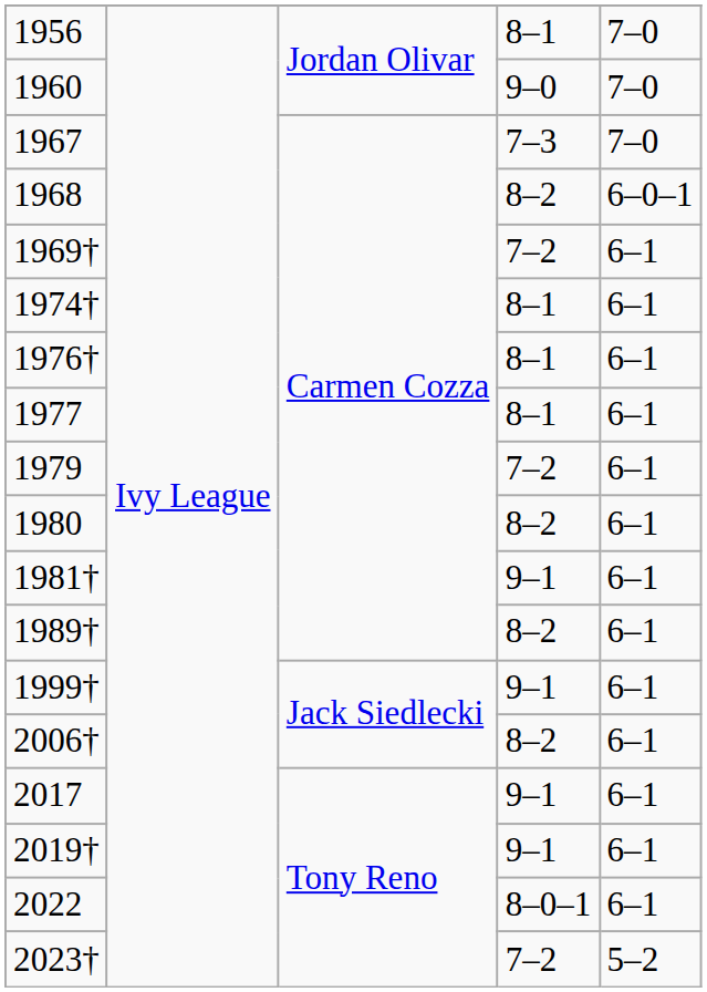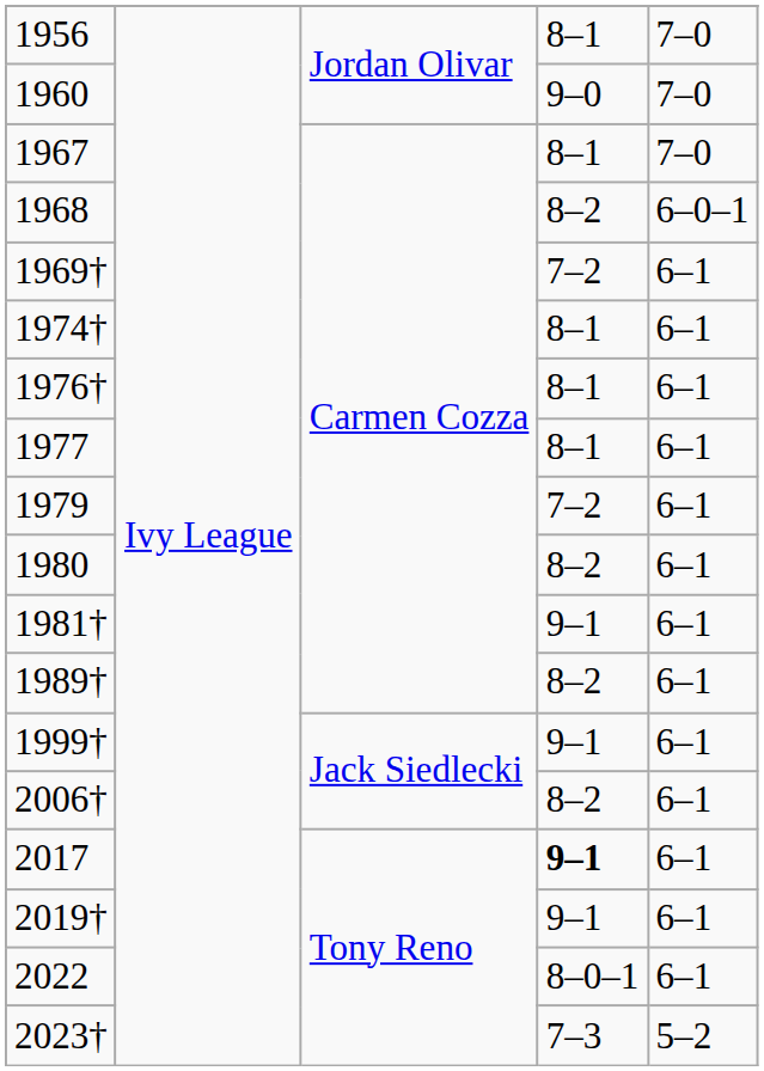 <table class="wikitable">
 <tr>
 </tr>
 <tr>
 <td>1956</td>
 <td rowspan="18”"><a href='#'>Ivy League</a></td>
 <td rowspan="2"><a href='#'>Jordan Olivar</a></td>
 <td>8–1</td>
 <td>7–0</td>
 </tr>
 <tr>
 <td>1960</td>
 <td>9–0</td>
 <td>7–0</td>
 </tr>
 <tr>
 <td>1967</td>
 <td rowspan="10"><a href='#'>Carmen Cozza</a></td>
-<td>7–3</td>
+<td>8–1</td>
 <td>7–0</td>
 </tr>
 <tr>
 <td>1968</td>
 <td>8–2</td>
 <td>6–0–1</td>
 </tr>
 <tr>
 <td>1969†</td>
 <td>7–2</td>
 <td>6–1</td>
 </tr>
 <tr>
 <td>1974†</td>
 <td>8–1</td>
 <td>6–1</td>
 </tr>
 <tr>
 <td>1976†</td>
 <td>8–1</td>
 <td>6–1</td>
 </tr>
 <tr>
 <td>1977</td>
 <td>8–1</td>
 <td>6–1</td>
 </tr>
 <tr>
 <td>1979</td>
 <td>7–2</td>
 <td>6–1</td>
 </tr>
 <tr>
 <td>1980</td>
 <td>8–2</td>
 <td>6–1</td>
 </tr>
 <tr>
 <td>1981†</td>
 <td>9–1</td>
 <td>6–1</td>
 </tr>
 <tr>
 <td>1989†</td>
 <td>8–2</td>
 <td>6–1</td>
 </tr>
 <tr>
 <td>1999†</td>
 <td rowspan="2"><a href='#'>Jack Siedlecki</a></td>
 <td>9–1</td>
 <td>6–1</td>
 </tr>
 <tr>
 <td>2006†</td>
 <td>8–2</td>
 <td>6–1</td>
 </tr>
 <tr>
 <td>2017</td>
 <td rowspan="4”"><a href='#'>Tony Reno</a></td>
-<td>9–1</td>
+<td><strong>9–1</strong></td>
 <td>6–1</td>
 </tr>
 <tr>
 <td>2019†</td>
 <td>9–1</td>
 <td>6–1</td>
 </tr>
 <tr>
 <td>2022</td>
 <td>8–0–1</td>
 <td>6–1</td>
 </tr>
 <tr>
 <td>2023†</td>
-<td>7–2</td>
+<td>7–3</td>
 <td>5–2</td>
 </tr>
 </table>
